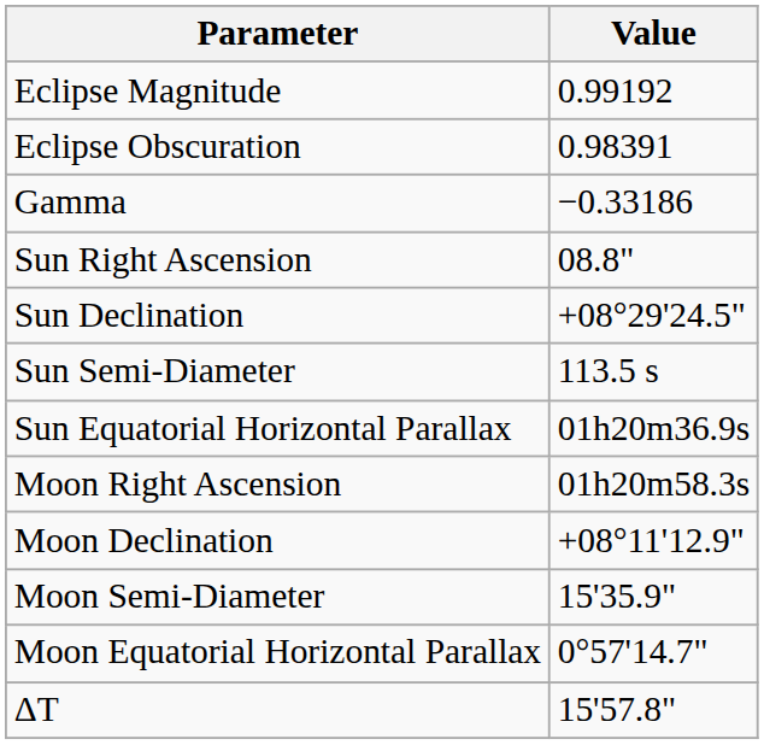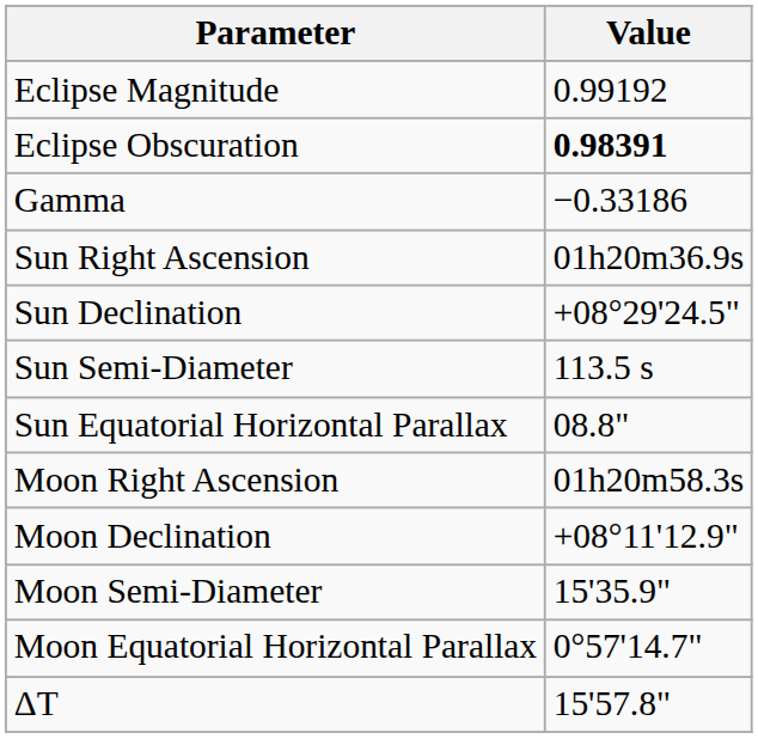 <table class="wikitable">
 <tr>
 <th>Parameter</th>
 <th>Value</th>
 </tr>
 <tr>
 <td>Eclipse Magnitude</td>
 <td>0.99192</td>
 </tr>
 <tr>
 <td>Eclipse Obscuration</td>
-<td>0.98391</td>
+<td><strong>0.98391</strong></td>
 </tr>
 <tr>
 <td>Gamma</td>
 <td>−0.33186</td>
 </tr>
 <tr>
 <td>Sun Right Ascension</td>
-<td>08.8"</td>
+<td>01h20m36.9s</td>
 </tr>
 <tr>
 <td>Sun Declination</td>
 <td>+08°29'24.5"</td>
 </tr>
 <tr>
 <td>Sun Semi-Diameter</td>
 <td>113.5 s</td>
 </tr>
 <tr>
 <td>Sun Equatorial Horizontal Parallax</td>
-<td>01h20m36.9s</td>
+<td>08.8"</td>
 </tr>
 <tr>
 <td>Moon Right Ascension</td>
 <td>01h20m58.3s</td>
 </tr>
 <tr>
 <td>Moon Declination</td>
 <td>+08°11'12.9"</td>
 </tr>
 <tr>
 <td>Moon Semi-Diameter</td>
 <td>15'35.9"</td>
 </tr>
 <tr>
 <td>Moon Equatorial Horizontal Parallax</td>
 <td>0°57'14.7"</td>
 </tr>
 <tr>
 <td>ΔT</td>
 <td>15'57.8"</td>
 </tr>
 </table>
